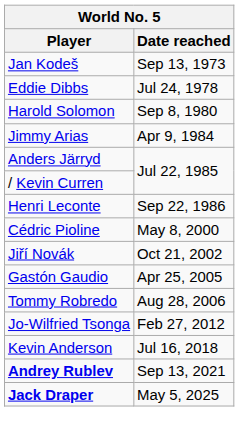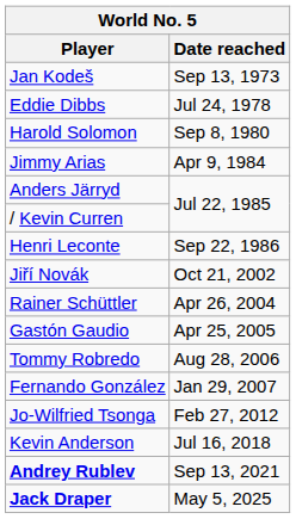 <table class="wikitable nowrap" style="display:inline-table; font-size:95%">
 <tr>
 <th colspan="2">World No. 5</th>
 </tr>
 <tr>
 <th>Player</th>
 <th>Date reached</th>
 </tr>
 <tr>
 <td> <a href='#'>Jan Kodeš</a></td>
 <td>Sep 13, 1973</td>
 </tr>
 <tr>
 <td> <a href='#'>Eddie Dibbs</a></td>
 <td>Jul 24, 1978</td>
 </tr>
 <tr>
 <td> <a href='#'>Harold Solomon</a></td>
 <td>Sep 8, 1980</td>
 </tr>
 <tr>
 <td> <a href='#'>Jimmy Arias</a></td>
 <td>Apr 9, 1984</td>
 </tr>
 <tr>
 <td> <a href='#'>Anders Järryd</a></td>
 <td rowspan=2>Jul 22, 1985</td>
 </tr>
 <tr>
 <td>/ <a href='#'>Kevin Curren</a></td>
 </tr>
 <tr>
 <td> <a href='#'>Henri Leconte</a></td>
 <td>Sep 22, 1986</td>
 </tr>
 <tr>
-<td> <a href='#'>Cédric Pioline</a></td>
-<td>May 8, 2000</td>
+<td> <a href='#'>Jiří Novák</a></td>
+<td>Oct 21, 2002</td>
 </tr>
 <tr>
-<td> <a href='#'>Jiří Novák</a></td>
-<td>Oct 21, 2002</td>
+<td> <a href='#'>Rainer Schüttler</a></td>
+<td>Apr 26, 2004</td>
 </tr>
 <tr>
 <td> <a href='#'>Gastón Gaudio</a></td>
 <td>Apr 25, 2005</td>
 </tr>
 <tr>
 <td> <a href='#'>Tommy Robredo</a></td>
 <td>Aug 28, 2006</td>
+</tr>
+<tr>
+<td> <a href='#'>Fernando González</a></td>
+<td>Jan 29, 2007</td>
 </tr>
 <tr>
 <td> <a href='#'>Jo-Wilfried Tsonga</a></td>
 <td>Feb 27, 2012</td>
 </tr>
 <tr>
 <td> <a href='#'>Kevin Anderson</a></td>
 <td>Jul 16, 2018</td>
 </tr>
 <tr>
 <td> <strong><a href='#'>Andrey Rublev</a></strong></td>
 <td>Sep 13, 2021</td>
 </tr>
 <tr>
 <td> <strong><a href='#'>Jack Draper</a></strong></td>
 <td>May 5, 2025</td>
 </tr>
 </table>
